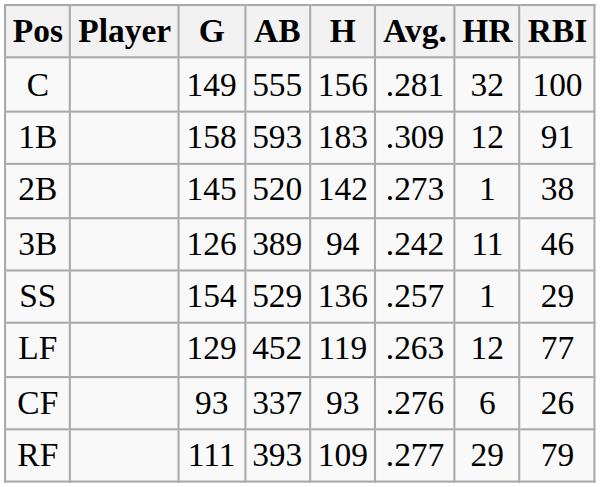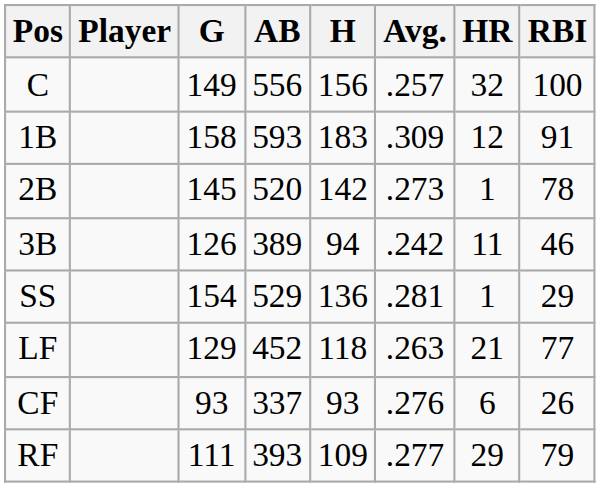 <table class="wikitable sortable">
 <tr>
 <th>Pos</th>
 <th>Player</th>
 <th>G</th>
 <th>AB</th>
 <th>H</th>
 <th>Avg.</th>
 <th>HR</th>
 <th>RBI</th>
 </tr>
 <tr align="center">
 <td>C</td>
 <td></td>
 <td>149</td>
-<td>555</td>
+<td>556</td>
 <td>156</td>
-<td>.281</td>
+<td>.257</td>
 <td>32</td>
 <td>100</td>
 </tr>
 <tr align="center">
 <td>1B</td>
 <td></td>
 <td>158</td>
 <td>593</td>
 <td>183</td>
 <td>.309</td>
 <td>12</td>
 <td>91</td>
 </tr>
 <tr align="center">
 <td>2B</td>
 <td></td>
 <td>145</td>
 <td>520</td>
 <td>142</td>
 <td>.273</td>
 <td>1</td>
-<td>38</td>
+<td>78</td>
 </tr>
 <tr align="center">
 <td>3B</td>
 <td></td>
 <td>126</td>
 <td>389</td>
 <td>94</td>
 <td>.242</td>
 <td>11</td>
 <td>46</td>
 </tr>
 <tr align="center">
 <td>SS</td>
 <td></td>
 <td>154</td>
 <td>529</td>
 <td>136</td>
-<td>.257</td>
+<td>.281</td>
 <td>1</td>
 <td>29</td>
 </tr>
 <tr align="center">
 <td>LF</td>
 <td></td>
 <td>129</td>
 <td>452</td>
-<td>119</td>
+<td>118</td>
 <td>.263</td>
-<td>12</td>
+<td>21</td>
 <td>77</td>
 </tr>
 <tr align="center">
 <td>CF</td>
 <td></td>
 <td>93</td>
 <td>337</td>
 <td>93</td>
 <td>.276</td>
 <td>6</td>
 <td>26</td>
 </tr>
 <tr align="center">
 <td>RF</td>
 <td></td>
 <td>111</td>
 <td>393</td>
 <td>109</td>
 <td>.277</td>
 <td>29</td>
 <td>79</td>
 </tr>
 </table>
